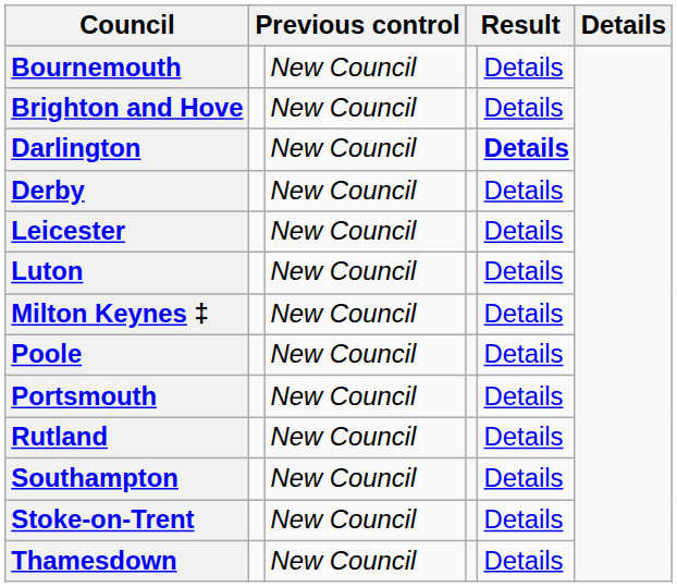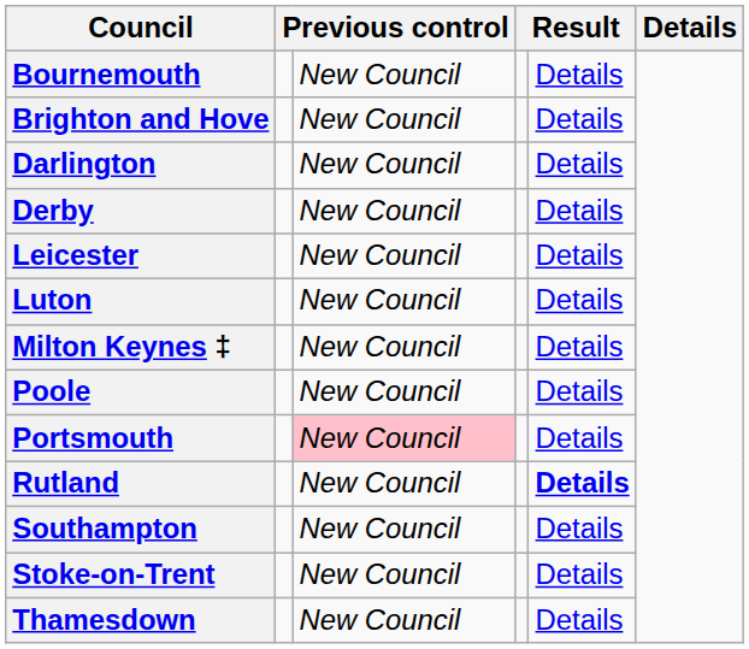 <table class="wikitable sortable" border="1">
 <tr>
 <th scope="col">Council</th>
 <th colspan=2>Previous control</th>
 <th colspan=2>Result</th>
 <th class="unsortable" scope="col">Details</th>
 </tr>
 <tr>
 <th scope="row" style="text-align: left;"><a href='#'>Bournemouth</a></th>
 <td></td>
 <td><em>New Council</em></td>
 <td></td>
 <td><a href='#'>Details</a></td>
 </tr>
 <tr>
 <th scope="row" style="text-align: left;"><a href='#'>Brighton and Hove</a></th>
 <td></td>
 <td><em>New Council</em></td>
 <td></td>
 <td><a href='#'>Details</a></td>
 </tr>
 <tr>
 <th scope="row" style="text-align: left;"><a href='#'>Darlington</a></th>
 <td></td>
 <td><em>New Council</em></td>
 <td></td>
-<td><strong><a href='#'>Details</a></strong></td>
+<td><a href='#'>Details</a></td>
 </tr>
 <tr>
 <th scope="row" style="text-align: left;"><a href='#'>Derby</a></th>
 <td></td>
 <td><em>New Council</em></td>
 <td></td>
 <td><a href='#'>Details</a></td>
 </tr>
 <tr>
 <th scope="row" style="text-align: left;"><a href='#'>Leicester</a></th>
 <td></td>
 <td><em>New Council</em></td>
 <td></td>
 <td><a href='#'>Details</a></td>
 </tr>
 <tr>
 <th scope="row" style="text-align: left;"><a href='#'>Luton</a></th>
 <td></td>
 <td><em>New Council</em></td>
 <td></td>
 <td><a href='#'>Details</a></td>
 </tr>
 <tr>
 <th scope="row" style="text-align: left;"><a href='#'>Milton Keynes</a> ‡</th>
 <td></td>
 <td><em>New Council</em></td>
 <td></td>
 <td><a href='#'>Details</a></td>
 </tr>
 <tr>
 <th scope="row" style="text-align: left;"><a href='#'>Poole</a></th>
 <td></td>
 <td><em>New Council</em></td>
 <td></td>
 <td><a href='#'>Details</a></td>
 </tr>
 <tr>
 <th scope="row" style="text-align: left;"><a href='#'>Portsmouth</a></th>
 <td></td>
-<td><em>New Council</em></td>
+<td style="background: pink;"><em>New Council</em></td>
 <td></td>
 <td><a href='#'>Details</a></td>
 </tr>
 <tr>
 <th scope="row" style="text-align: left;"><a href='#'>Rutland</a></th>
 <td></td>
 <td><em>New Council</em></td>
 <td></td>
-<td><a href='#'>Details</a></td>
+<td><strong><a href='#'>Details</a></strong></td>
 </tr>
 <tr>
 <th scope="row" style="text-align: left;"><a href='#'>Southampton</a></th>
 <td></td>
 <td><em>New Council</em></td>
 <td></td>
 <td><a href='#'>Details</a></td>
 </tr>
 <tr>
 <th scope="row" style="text-align: left;"><a href='#'>Stoke-on-Trent</a></th>
 <td></td>
 <td><em>New Council</em></td>
 <td></td>
 <td><a href='#'>Details</a></td>
 </tr>
 <tr>
 <th scope="row" style="text-align: left;"><a href='#'>Thamesdown</a></th>
 <td></td>
 <td><em>New Council</em></td>
 <td></td>
 <td><a href='#'>Details</a></td>
 </tr>
 </table>
